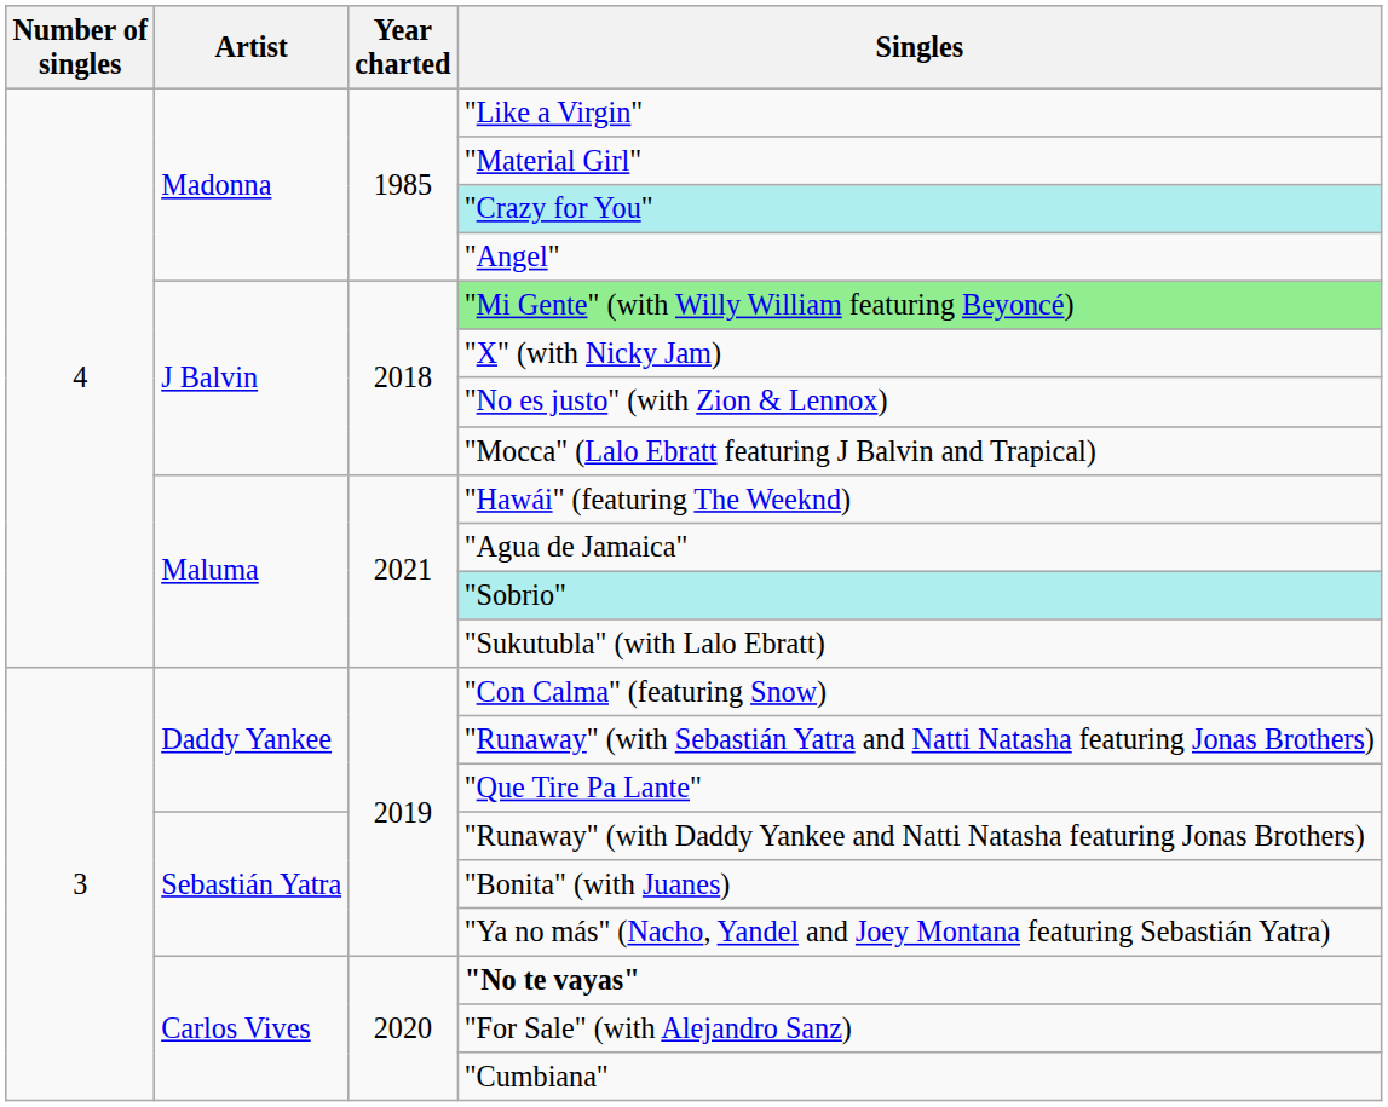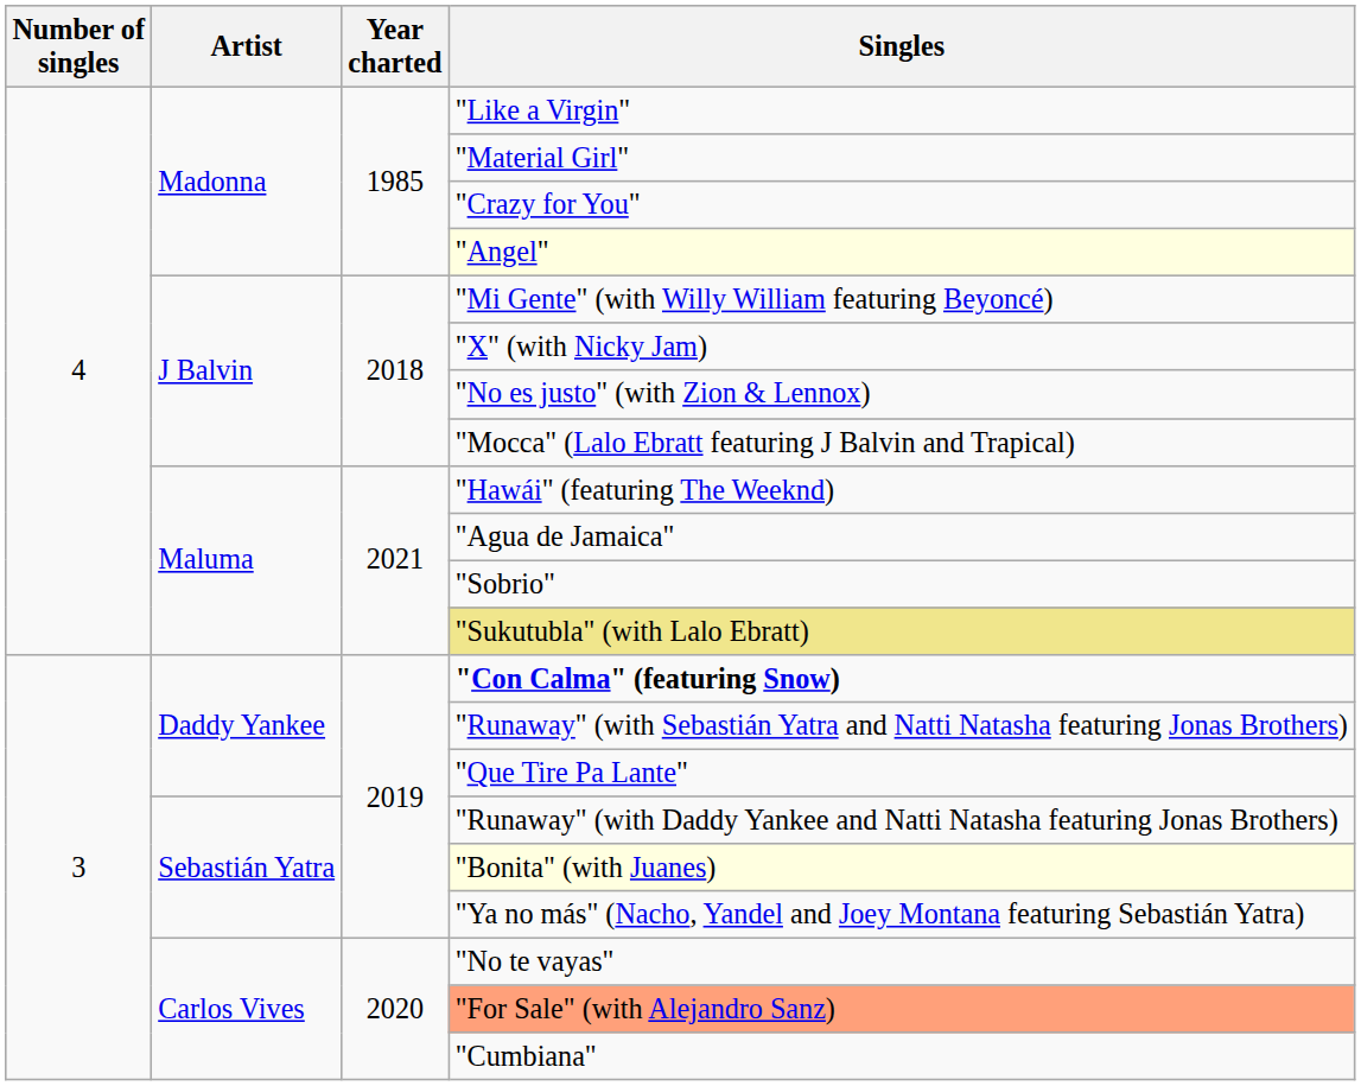 <table class="wikitable" style="font-size:95%;">
 <tr>
 <th>Number of<br>singles</th>
 <th>Artist</th>
 <th>Year<br>charted</th>
 <th>Singles</th>
 </tr>
 <tr>
 <td rowspan=12 style="text-align:center;">4</td>
 <td rowspan=4><a href='#'>Madonna</a></td>
 <td rowspan=4 style="text-align:center;">1985</td>
 <td>"<a href='#'>Like a Virgin</a>"</td>
 </tr>
 <tr>
 <td>"<a href='#'>Material Girl</a>"</td>
 </tr>
 <tr>
-<td style="background: paleturquoise;">"<a href='#'>Crazy for You</a>"</td>
+<td>"<a href='#'>Crazy for You</a>"</td>
 </tr>
 <tr>
-<td>"<a href='#'>Angel</a>"</td>
+<td style="background: lightyellow;">"<a href='#'>Angel</a>"</td>
 </tr>
 <tr>
 <td rowspan=4><a href='#'>J Balvin</a></td>
 <td rowspan=4 style="text-align:center;">2018</td>
-<td style="background: lightgreen;">"<a href='#'>Mi Gente</a>" (with <a href='#'>Willy William</a> featuring <a href='#'>Beyoncé</a>)</td>
+<td>"<a href='#'>Mi Gente</a>" (with <a href='#'>Willy William</a> featuring <a href='#'>Beyoncé</a>)</td>
 </tr>
 <tr>
 <td>"<a href='#'>X</a>" (with <a href='#'>Nicky Jam</a>)</td>
 </tr>
 <tr>
 <td>"<a href='#'>No es justo</a>" (with <a href='#'>Zion & Lennox</a>)</td>
 </tr>
 <tr>
 <td>"Mocca" (<a href='#'>Lalo Ebratt</a> featuring J Balvin and Trapical)</td>
 </tr>
 <tr>
 <td rowspan=4><a href='#'>Maluma</a></td>
 <td rowspan=4 style="text-align:center;">2021</td>
 <td>"<a href='#'>Hawái</a>" (featuring <a href='#'>The Weeknd</a>)</td>
 </tr>
 <tr>
 <td>"Agua de Jamaica"</td>
 </tr>
 <tr>
-<td style="background: paleturquoise;">"Sobrio"</td>
+<td>"Sobrio"</td>
 </tr>
 <tr>
-<td>"Sukutubla" (with Lalo Ebratt)</td>
+<td style="background: khaki;">"Sukutubla" (with Lalo Ebratt)</td>
 </tr>
 <tr>
 <td rowspan=12 style="text-align:center;">3</td>
 <td rowspan=3><a href='#'>Daddy Yankee</a></td>
 <td rowspan=6 style="text-align:center;">2019</td>
-<td>"<a href='#'>Con Calma</a>" (featuring <a href='#'>Snow</a>)</td>
+<td><strong>"<a href='#'>Con Calma</a>" (featuring <a href='#'>Snow</a>)</strong></td>
 </tr>
 <tr>
 <td>"<a href='#'>Runaway</a>" (with <a href='#'>Sebastián Yatra</a> and <a href='#'>Natti Natasha</a> featuring <a href='#'>Jonas Brothers</a>)</td>
 </tr>
 <tr>
 <td>"<a href='#'>Que Tire Pa Lante</a>"</td>
 </tr>
 <tr>
 <td rowspan=3><a href='#'>Sebastián Yatra</a></td>
 <td>"Runaway" (with Daddy Yankee and Natti Natasha featuring Jonas Brothers)</td>
 </tr>
 <tr>
-<td>"Bonita" (with <a href='#'>Juanes</a>)</td>
+<td style="background: lightyellow;">"Bonita" (with <a href='#'>Juanes</a>)</td>
 </tr>
 <tr>
 <td>"Ya no más" (<a href='#'>Nacho</a>, <a href='#'>Yandel</a> and <a href='#'>Joey Montana</a> featuring Sebastián Yatra)</td>
 </tr>
 <tr>
 <td rowspan=3><a href='#'>Carlos Vives</a></td>
 <td rowspan=3 style="text-align:center;">2020</td>
-<td><strong>"No te vayas"</strong></td>
+<td>"No te vayas"</td>
 </tr>
 <tr>
-<td>"For Sale" (with <a href='#'>Alejandro Sanz</a>)</td>
+<td style="background: lightsalmon;">"For Sale" (with <a href='#'>Alejandro Sanz</a>)</td>
 </tr>
 <tr>
 <td>"Cumbiana"</td>
 </tr>
 </table>
